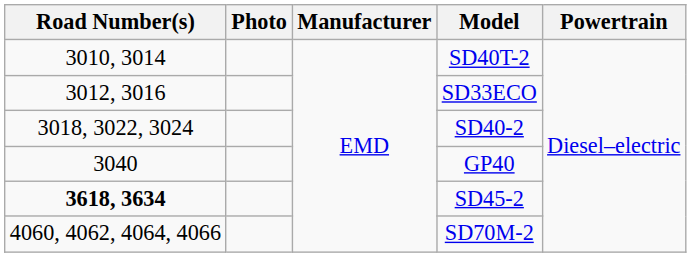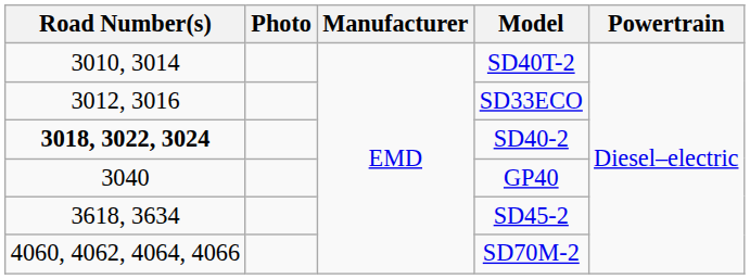 <table class="wikitable">
 <tr>
 <th>Road Number(s)</th>
 <th>Photo</th>
 <th>Manufacturer</th>
 <th>Model</th>
 <th><strong>Powertrain</strong></th>
 </tr>
 <tr align="center">
 <td>3010, 3014</td>
 <td></td>
 <td rowspan="6"><a href='#'>EMD</a></td>
 <td><a href='#'>SD40T-2</a></td>
 <td rowspan="6"><a href='#'>Diesel–electric</a></td>
 </tr>
 <tr align="center">
 <td>3012, 3016</td>
 <td></td>
 <td><a href='#'>SD33ECO</a></td>
 </tr>
 <tr align="center">
-<td>3018, 3022, 3024</td>
+<td><strong>3018, 3022, 3024</strong></td>
 <td></td>
 <td><a href='#'>SD40-2</a></td>
 </tr>
 <tr align="center">
 <td>3040</td>
 <td></td>
 <td><a href='#'>GP40</a></td>
 </tr>
 <tr align="center">
-<td><strong>3618, 3634</strong></td>
+<td>3618, 3634</td>
 <td></td>
 <td><a href='#'>SD45-2</a></td>
 </tr>
 <tr align="center">
 <td>4060, 4062, 4064, 4066</td>
 <td></td>
 <td><a href='#'>SD70M-2</a></td>
 </tr>
 </table>
